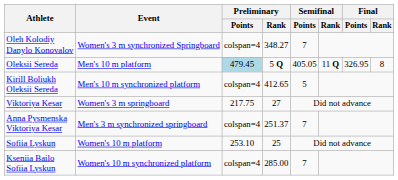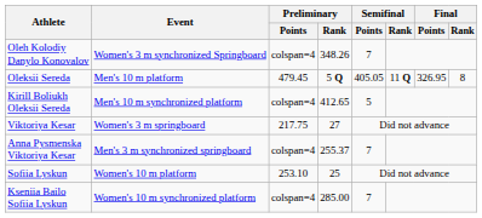 <table class=wikitable style="font-size:90%">
 <tr>
 <th rowspan="2">Athlete</th>
 <th rowspan="2">Event</th>
 <th colspan="2">Preliminary</th>
 <th colspan="2">Semifinal</th>
 <th colspan="2">Final</th>
 </tr>
 <tr style="font-size:95%">
 <th>Points</th>
 <th>Rank</th>
 <th>Points</th>
 <th>Rank</th>
 <th>Points</th>
 <th>Rank</th>
 </tr>
 <tr align=center>
 <td align=left><a href='#'>Oleh Kolodiy</a><br><a href='#'>Danylo Konovalov</a></td>
 <td align=left><a href='#'>Women's 3 m synchronized Springboard</a></td>
 <td>colspan=4 </td>
-<td>348.27</td>
+<td>348.26</td>
 <td>7</td>
 </tr>
 <tr align=center>
 <td align=left><a href='#'>Oleksii Sereda</a></td>
 <td align=left><a href='#'>Men's 10 m platform</a></td>
-<td style="background: lightblue;">479.45</td>
+<td>479.45</td>
 <td>5 <strong>Q</strong></td>
 <td>405.05</td>
 <td>11 <strong>Q</strong></td>
 <td>326.95</td>
 <td>8</td>
 </tr>
 <tr align=center>
 <td align=left><a href='#'>Kirill Boliukh</a><br><a href='#'>Oleksii Sereda</a></td>
 <td align=left><a href='#'>Men's 10 m synchronized platform</a></td>
 <td>colspan=4 </td>
 <td>412.65</td>
 <td>5</td>
 </tr>
 <tr align=center>
 <td align=left><a href='#'>Viktoriya Kesar</a></td>
 <td align=left><a href='#'>Women's 3 m springboard</a></td>
 <td>217.75</td>
 <td>27</td>
 <td colspan=4>Did not advance</td>
 </tr>
 <tr align=center>
 <td align=left><a href='#'>Anna Pysmenska</a><br><a href='#'>Viktoriya Kesar</a></td>
 <td align=left><a href='#'>Men's 3 m synchronized springboard</a></td>
 <td>colspan=4 </td>
-<td>251.37</td>
+<td>255.37</td>
 <td>7</td>
 </tr>
 <tr align=center>
 <td align=left><a href='#'>Sofiia Lyskun</a></td>
 <td align=left><a href='#'>Women's 10 m platform</a></td>
 <td>253.10</td>
 <td>25</td>
 <td colspan=4>Did not advance</td>
 </tr>
 <tr align=center>
 <td align=left><a href='#'>Kseniia Bailo</a><br><a href='#'>Sofiia Lyskun</a></td>
 <td align=left><a href='#'>Women's 10 m synchronized platform</a></td>
 <td>colspan=4 </td>
 <td>285.00</td>
 <td>7</td>
 </tr>
 </table>
